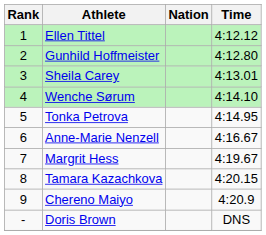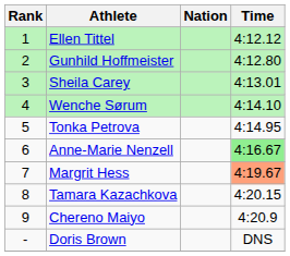 <table class="wikitable sortable" style="text-align:center">
 <tr>
 <th>Rank</th>
 <th>Athlete</th>
 <th>Nation</th>
 <th>Time</th>
 </tr>
 <tr bgcolor=bbf3bb>
 <td>1</td>
 <td align=left><a href='#'>Ellen Tittel</a></td>
 <td align=left></td>
 <td>4:12.12</td>
 </tr>
 <tr bgcolor=bbf3bb>
 <td>2</td>
 <td align=left><a href='#'>Gunhild Hoffmeister</a></td>
 <td align=left></td>
 <td>4:12.80</td>
 </tr>
 <tr bgcolor=bbf3bb>
 <td>3</td>
 <td align=left><a href='#'>Sheila Carey</a></td>
 <td align=left></td>
 <td>4:13.01</td>
 </tr>
 <tr bgcolor=bbf3bb>
 <td>4</td>
 <td align=left><a href='#'>Wenche Sørum</a></td>
 <td align=left></td>
 <td>4:14.10</td>
 </tr>
 <tr>
 <td>5</td>
 <td align=left><a href='#'>Tonka Petrova</a></td>
 <td align=left></td>
 <td>4:14.95</td>
 </tr>
 <tr>
 <td>6</td>
 <td align=left><a href='#'>Anne-Marie Nenzell</a></td>
 <td align=left></td>
-<td>4:16.67</td>
+<td style="background: lightgreen;">4:16.67</td>
 </tr>
 <tr>
 <td>7</td>
 <td align=left><a href='#'>Margrit Hess</a></td>
 <td align=left></td>
-<td>4:19.67</td>
+<td style="background: lightsalmon;">4:19.67</td>
 </tr>
 <tr>
 <td>8</td>
 <td align=left><a href='#'>Tamara Kazachkova</a></td>
 <td align=left></td>
 <td>4:20.15</td>
 </tr>
 <tr>
 <td>9</td>
 <td align=left><a href='#'>Chereno Maiyo</a></td>
 <td align=left></td>
 <td>4:20.9</td>
 </tr>
 <tr>
 <td>-</td>
 <td align=left><a href='#'>Doris Brown</a></td>
 <td align=left></td>
 <td>DNS</td>
 </tr>
 <tr>
 </tr>
 </table>
